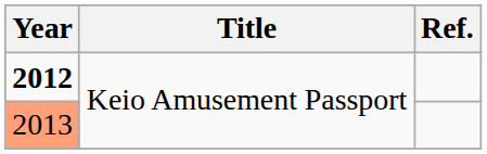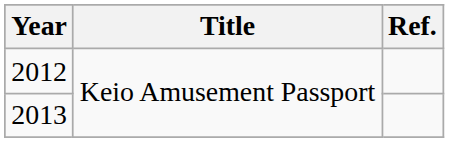 <table class="wikitable">
 <tr>
 <th>Year</th>
 <th>Title</th>
 <th>Ref.</th>
 </tr>
 <tr>
-<td><strong>2012</strong></td>
+<td>2012</td>
 <td rowspan="2">Keio Amusement Passport</td>
 <td></td>
 </tr>
 <tr>
-<td style="background: lightsalmon;">2013</td>
+<td>2013</td>
 <td></td>
 </tr>
 </table>
